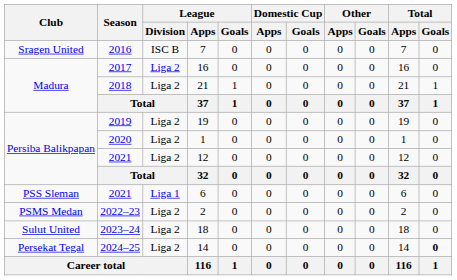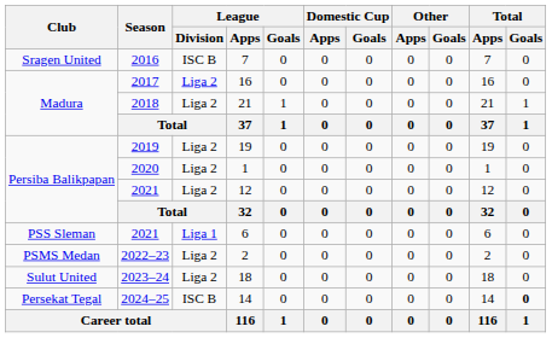 <table class="wikitable" style="text-align: center">
 <tr>
 <th rowspan="2">Club</th>
 <th rowspan="2">Season</th>
 <th colspan="3">League</th>
 <th colspan="2">Domestic Cup</th>
 <th colspan="2">Other</th>
 <th colspan="2">Total</th>
 </tr>
 <tr>
 <th>Division</th>
 <th>Apps</th>
 <th>Goals</th>
 <th>Apps</th>
 <th>Goals</th>
 <th>Apps</th>
 <th>Goals</th>
 <th>Apps</th>
 <th>Goals</th>
 </tr>
 <tr>
 <td rowspan="1"><a href='#'>Sragen United</a></td>
 <td><a href='#'>2016</a></td>
 <td rowspan="1" valign="center">ISC B</td>
 <td>7</td>
 <td>0</td>
 <td>0</td>
 <td>0</td>
 <td>0</td>
 <td>0</td>
 <td>7</td>
 <td>0</td>
 </tr>
 <tr>
 <td rowspan="3"><a href='#'>Madura</a></td>
 <td><a href='#'>2017</a></td>
 <td rowspan="1" valign="center"><a href='#'>Liga 2</a></td>
 <td>16</td>
 <td>0</td>
 <td>0</td>
 <td>0</td>
 <td>0</td>
 <td>0</td>
 <td>16</td>
 <td>0</td>
 </tr>
 <tr>
 <td><a href='#'>2018</a></td>
 <td rowspan="1" valign="center">Liga 2</td>
 <td>21</td>
 <td>1</td>
 <td>0</td>
 <td>0</td>
 <td>0</td>
 <td>0</td>
 <td>21</td>
 <td>1</td>
 </tr>
 <tr>
 <th colspan="2">Total</th>
 <th>37</th>
 <th>1</th>
 <th>0</th>
 <th>0</th>
 <th>0</th>
 <th>0</th>
 <th>37</th>
 <th>1</th>
 </tr>
 <tr>
 <td rowspan="4"><a href='#'>Persiba Balikpapan</a></td>
 <td><a href='#'>2019</a></td>
 <td rowspan="1" valign="center">Liga 2</td>
 <td>19</td>
 <td>0</td>
 <td>0</td>
 <td>0</td>
 <td>0</td>
 <td>0</td>
 <td>19</td>
 <td>0</td>
 </tr>
 <tr>
 <td><a href='#'>2020</a></td>
 <td rowspan="1" valign="center">Liga 2</td>
 <td>1</td>
 <td>0</td>
 <td>0</td>
 <td>0</td>
 <td>0</td>
 <td>0</td>
 <td>1</td>
 <td>0</td>
 </tr>
 <tr>
 <td><a href='#'>2021</a></td>
 <td rowspan="1" valign="center">Liga 2</td>
 <td>12</td>
 <td>0</td>
 <td>0</td>
 <td>0</td>
 <td>0</td>
 <td>0</td>
 <td>12</td>
 <td>0</td>
 </tr>
 <tr>
 <th colspan="2">Total</th>
 <th>32</th>
 <th>0</th>
 <th>0</th>
 <th>0</th>
 <th>0</th>
 <th>0</th>
 <th>32</th>
 <th>0</th>
 </tr>
 <tr>
 <td rowspan="1"><a href='#'>PSS Sleman</a></td>
 <td><a href='#'>2021</a></td>
 <td rowspan="1" valign="center"><a href='#'>Liga 1</a></td>
 <td>6</td>
 <td>0</td>
 <td>0</td>
 <td>0</td>
 <td>0</td>
 <td>0</td>
 <td>6</td>
 <td>0</td>
 </tr>
 <tr>
 <td rowspan="1"><a href='#'>PSMS Medan</a></td>
 <td><a href='#'>2022–23</a></td>
 <td rowspan="1">Liga 2</td>
 <td>2</td>
 <td>0</td>
 <td>0</td>
 <td>0</td>
 <td>0</td>
 <td>0</td>
 <td>2</td>
 <td>0</td>
 </tr>
 <tr>
 <td rowspan="1"><a href='#'>Sulut United</a></td>
 <td><a href='#'>2023–24</a></td>
 <td rowspan="1">Liga 2</td>
 <td>18</td>
 <td>0</td>
 <td>0</td>
 <td>0</td>
 <td>0</td>
 <td>0</td>
 <td>18</td>
 <td>0</td>
 </tr>
 <tr>
 <td rowspan="1"><a href='#'>Persekat Tegal</a></td>
 <td><a href='#'>2024–25</a></td>
-<td rowspan="1">Liga 2</td>
+<td rowspan="1" valign="center">ISC B</td>
 <td>14</td>
 <td>0</td>
 <td>0</td>
 <td>0</td>
 <td>0</td>
 <td>0</td>
 <td>14</td>
 <td><strong>0</strong></td>
 </tr>
 <tr>
 <th colspan=3>Career total</th>
 <th>116</th>
 <th>1</th>
 <th>0</th>
 <th>0</th>
 <th>0</th>
 <th>0</th>
 <th>116</th>
 <th>1</th>
 </tr>
 </table>
